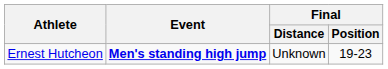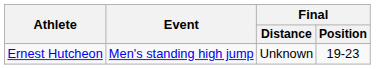 <table class=wikitable style=font-size:90%;text-align:center>
 <tr>
 <th rowspan=2>Athlete</th>
 <th rowspan=2>Event</th>
 <th colspan=2>Final</th>
 </tr>
 <tr style=font-size:95%>
 <th>Distance</th>
 <th>Position</th>
 </tr>
 <tr>
 <td align=left><a href='#'>Ernest Hutcheon</a></td>
-<td align=left><strong><a href='#'>Men's standing high jump</a></strong></td>
+<td align=left><a href='#'>Men's standing high jump</a></td>
 <td>Unknown</td>
 <td>19-23</td>
 </tr>
 </table>
